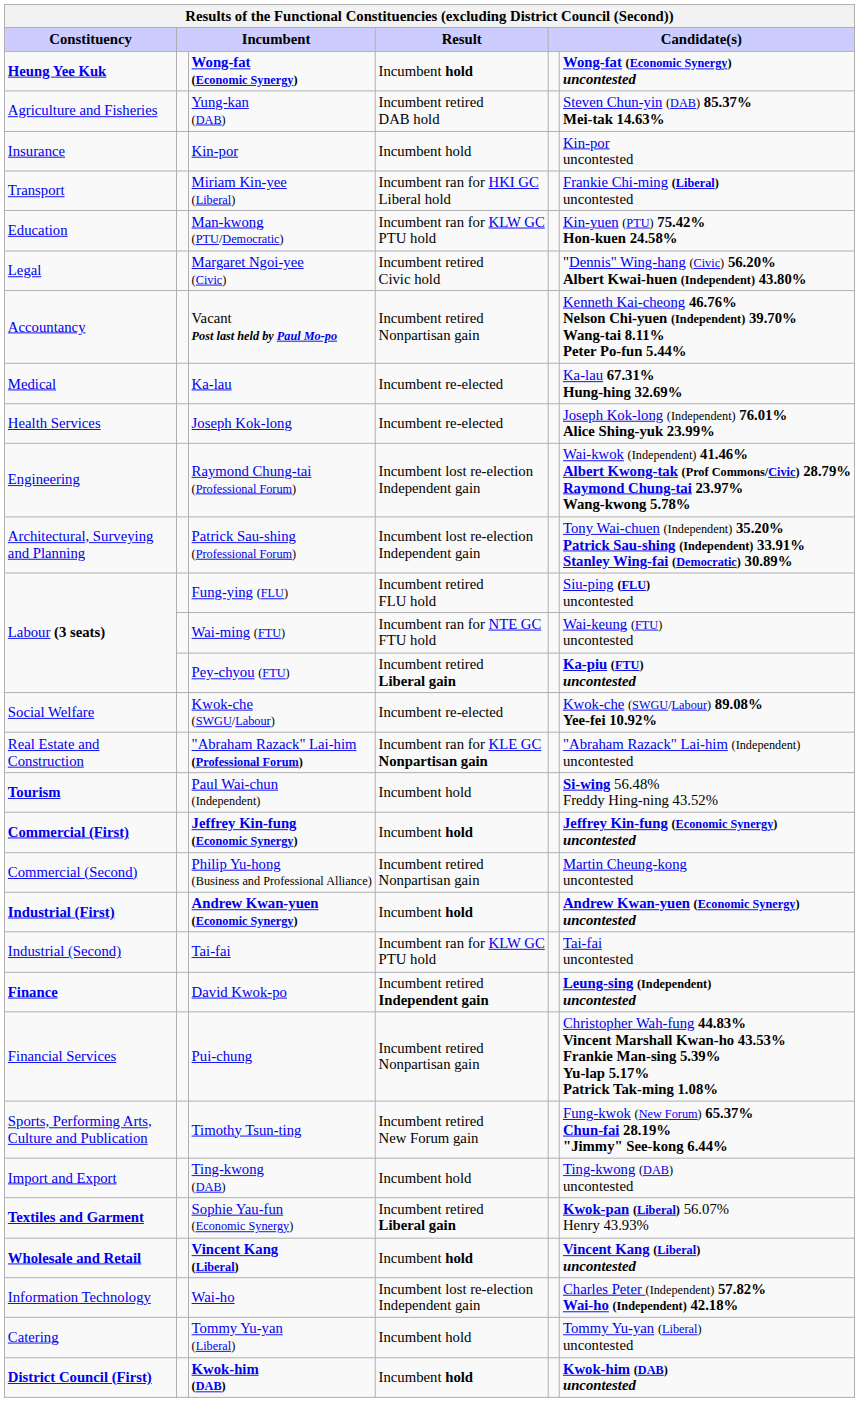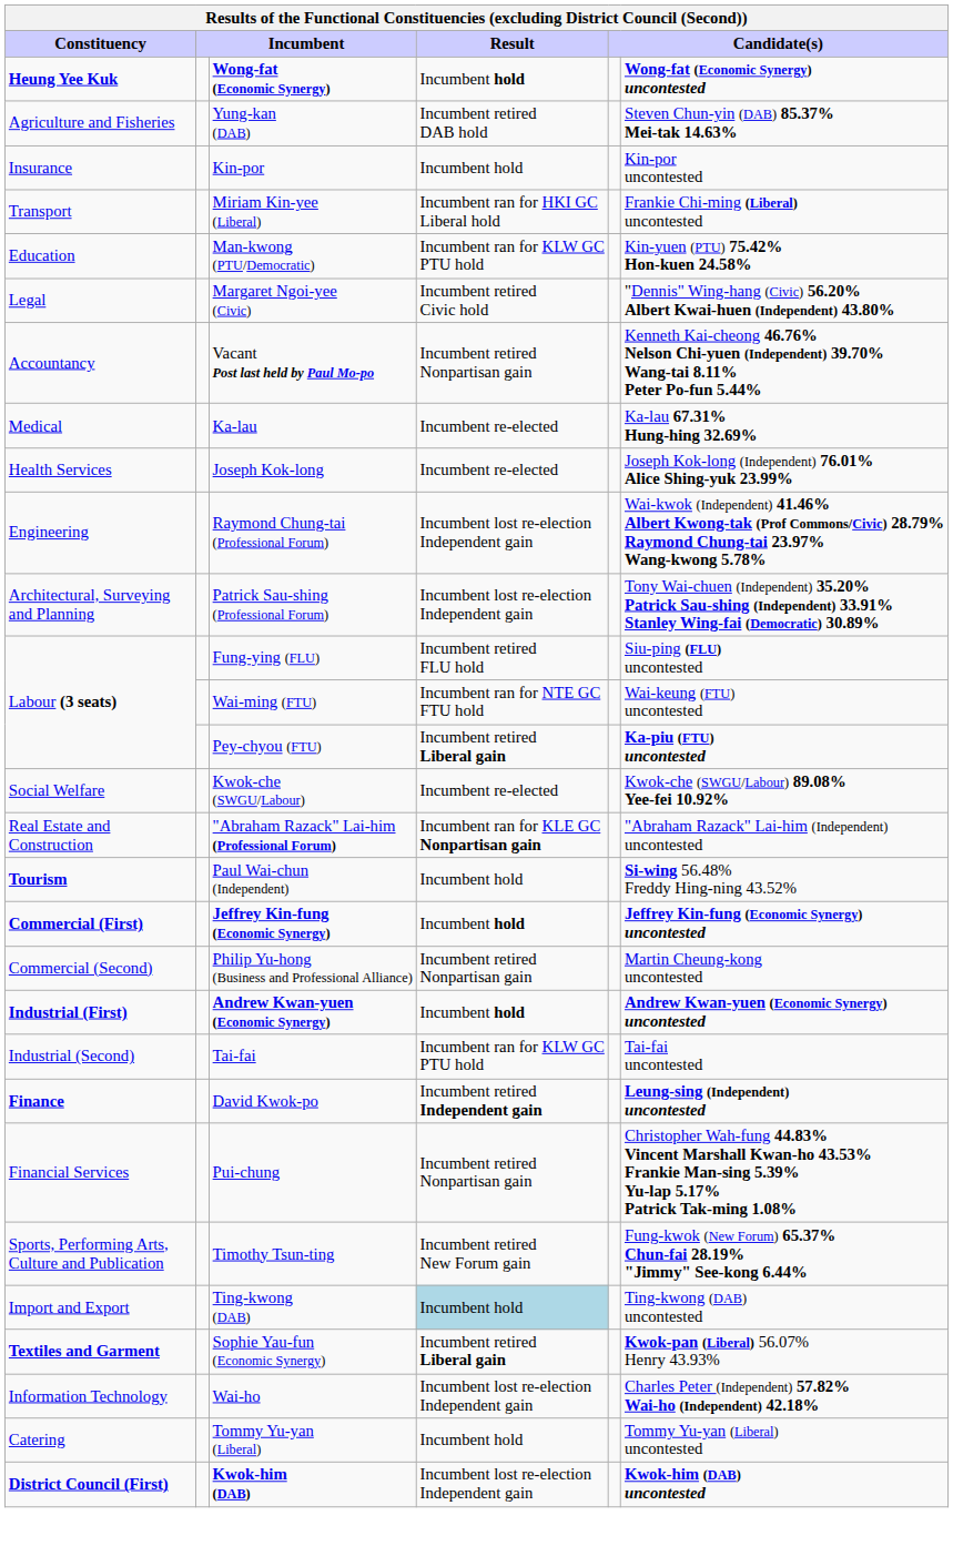 <table class="wikitable mw-collapsible">
 <tr>
 <th colspan=6>Results of the Functional Constituencies (excluding District Council (Second))</th>
 </tr>
 <tr style="text-align:center; background:#ccf; font-weight:bold; vertical-align:bottom;">
 <td width=180px>Constituency</td>
 <td colspan=2>Incumbent</td>
 <td>Result</td>
 <td colspan=2>Candidate(s)</td>
 </tr>
 <tr>
 <td><strong><a href='#'>Heung Yee Kuk</a></strong></td>
 <td width=5px style="background-color: "></td>
 <td><strong><a href='#'> Wong-fat</a><br><small>(<a href='#'>Economic Synergy</a>)</small></strong></td>
 <td>Incumbent <strong>hold</strong></td>
 <td width=5px style="background-color: "></td>
 <td><strong><a href='#'> Wong-fat</a> <small>(<a href='#'>Economic Synergy</a>)</small><br><em>uncontested<strong><em></td>
 </tr>
 <tr>
 <td></strong><a href='#'>Agriculture and Fisheries</a><strong></td>
 <td style="background-color:"></td>
 <td><a href='#'> Yung-kan</a><br><small>(<a href='#'>DAB</a>)</small></td>
 <td>Incumbent retired<br>DAB </strong>hold<strong></td>
 <td style="background-color:"></td>
 <td></strong><a href='#'>Steven  Chun-yin</a> <small>(<a href='#'>DAB</a>)</small><strong> 85.37%<br> Mei-tak 14.63%</td>
 </tr>
 <tr>
 <td></strong><a href='#'>Insurance</a><strong></td>
 <td style="background-color:"></td>
 <td></strong><a href='#'> Kin-por</a><strong></td>
 <td>Incumbent </strong>hold<strong></td>
 <td style="background-color:"></td>
 <td></strong><a href='#'> Kin-por</a><br></em>uncontested<em> <strong></td>
 </tr>
 <tr>
 <td></strong><a href='#'>Transport</a><strong></td>
 <td style="background-color:"></td>
 <td><a href='#'>Miriam  Kin-yee</a><br><small>(<a href='#'>Liberal</a>)</small></td>
 <td>Incumbent ran for <a href='#'>HKI GC</a><br>Liberal </strong>hold<strong></td>
 <td style="background-color:"></td>
 <td><a href='#'></strong>Frankie  Chi-ming<strong></a> <small>(<a href='#'>Liberal</a>)</small><br></em></strong>uncontested<strong><em></td>
 </tr>
 <tr>
 <td></strong><a href='#'>Education</a><strong></td>
 <td style="background-color:"></td>
 <td><a href='#'> Man-kwong</a><br><small>(<a href='#'>PTU</a>/<a href='#'>Democratic</a>)</small></td>
 <td>Incumbent ran for <a href='#'>KLW GC</a><br>PTU </strong>hold<strong></td>
 <td style="background-color:"></td>
 <td></strong><a href='#'> Kin-yuen</a> <small>(<a href='#'>PTU</a>)</small><strong> 75.42%<br> Hon-kuen 24.58%</td>
 </tr>
 <tr>
 <td></strong><a href='#'>Legal</a><strong></td>
 <td style="background-color:"></td>
 <td><a href='#'>Margaret  Ngoi-yee</a><br><small>(<a href='#'>Civic</a>)</small></td>
 <td>Incumbent retired<br>Civic </strong>hold<strong></td>
 <td style="background-color:"></td>
 <td></strong>"<a href='#'>Dennis"  Wing-hang</a> <small>(<a href='#'>Civic</a>)</small> <strong> 56.20%<br>Albert  Kwai-huen <small>(Independent)</small> 43.80%</td>
 </tr>
 <tr>
 <td></strong><a href='#'>Accountancy</a><strong></td>
 <td style="background-color:"></td>
 <td></em></strong>Vacant<strong><em><br><small>Post last held by <a href='#'>Paul  Mo-po</a></small></td>
 <td>Incumbent retired<br></strong>Nonpartisan gain<strong></td>
 <td style="background-color:"></td>
 <td></strong><a href='#'>Kenneth  Kai-cheong</a><strong> 46.76%<br>Nelson  Chi-yuen <small>(Independent)</small> 39.70%<br> Wang-tai 8.11%<br>Peter  Po-fun 5.44%</td>
 </tr>
 <tr>
 <td></strong><a href='#'>Medical</a><strong></td>
 <td style="background-color:"></td>
 <td><a href='#'> Ka-lau</a></td>
 <td>Incumbent re-elected</td>
 <td style="background-color:"></td>
 <td></strong><a href='#'> Ka-lau</a><strong> 67.31%<br> Hung-hing 32.69%</td>
 </tr>
 <tr>
 <td></strong><a href='#'>Health Services</a><strong></td>
 <td style="background-color:"></td>
 <td></strong><a href='#'>Joseph  Kok-long</a><strong></td>
 <td>Incumbent re-elected</td>
 <td style="background-color:"></td>
 <td></strong><a href='#'>Joseph  Kok-long</a> <small>(Independent)</small><strong> 76.01%<br>Alice  Shing-yuk 23.99%</td>
 </tr>
 <tr>
 <td></strong><a href='#'>Engineering</a><strong></td>
 <td style="background-color:"></td>
 <td><a href='#'>Raymond  Chung-tai</a><br><small>(<a href='#'>Professional Forum</a>)</small></td>
 <td>Incumbent lost re-election<br></strong>Independent gain<strong></td>
 <td style="background-color:"></td>
 <td></strong><a href='#'> Wai-kwok</a> <small>(Independent)</small><strong> 41.46%<br><a href='#'>Albert  Kwong-tak</a> <small>(Prof Commons/<a href='#'>Civic</a>)</small> 28.79%<br><a href='#'>Raymond  Chung-tai</a> 23.97%<br> Wang-kwong 5.78%</td>
 </tr>
 <tr>
 <td></strong><a href='#'>Architectural, Surveying and Planning</a><strong></td>
 <td style="background-color:"></td>
 <td><a href='#'>Patrick  Sau-shing</a><br><small>(<a href='#'>Professional Forum</a>)</small></td>
 <td>Incumbent lost re-election<br></strong>Independent gain<strong></td>
 <td style="background-color:"></td>
 <td></strong><a href='#'>Tony  Wai-chuen</a> <small>(Independent)</small><strong> 35.20%<br><a href='#'>Patrick  Sau-shing</a> <small>(Independent)</small> 33.91%<br><a href='#'>Stanley  Wing-fai</a> <small>(<a href='#'>Democratic</a>)</small> 30.89%</td>
 </tr>
 <tr>
 <td rowspan=3></strong><a href='#'>Labour</a><strong> (3 seats)</td>
 <td style="background-color:"></td>
 <td><a href='#'> Fung-ying</a> <small>(<a href='#'>FLU</a>)</small></td>
 <td>Incumbent retired<br> FLU </strong>hold<strong></td>
 <td style="background-color:"></td>
 <td><a href='#'></strong> Siu-ping<strong></a> <small>(<a href='#'>FLU</a>)</small><br></em></strong>uncontested<strong><em></td>
 </tr>
 <tr>
 <td style="background-color:"></td>
 <td><a href='#'> Wai-ming</a> <small>(<a href='#'>FTU</a>)</small></td>
 <td>Incumbent ran for <a href='#'>NTE GC</a><br>FTU </strong>hold<strong></td>
 <td style="background-color:"></td>
 <td></strong><a href='#'> Wai-keung</a> <small>(<a href='#'>FTU</a>)</small><br></em>uncontested</em></strong></td>
 </tr>
 <tr>
 <td style="background-color:"></td>
 <td><a href='#'> Pey-chyou</a> <small>(<a href='#'>FTU</a>)</small></td>
 <td>Incumbent retired<br><strong>Liberal gain</strong></td>
 <td style="background-color:"></td>
 <td><strong><a href='#'> Ka-piu</a> <small>(<a href='#'>FTU</a>)</small><br><em>uncontested<strong><em></td>
 </tr>
 <tr>
 <td></strong><a href='#'>Social Welfare</a><strong></td>
 <td style="background-color:"></td>
 <td><a href='#'> Kwok-che</a><br><small>(<a href='#'>SWGU</a>/<a href='#'>Labour</a>)</small></td>
 <td>Incumbent re-elected</td>
 <td style="background-color:"></td>
 <td></strong><a href='#'> Kwok-che</a> <small>(<a href='#'>SWGU</a>/<a href='#'>Labour</a>)</small><strong> 89.08%<br> Yee-fei 10.92%</td>
 </tr>
 <tr>
 <td></strong><a href='#'>Real Estate and Construction</a><strong></td>
 <td style="background-color:"></td>
 <td></strong><a href='#'>"Abraham Razack"  Lai-him</a><strong><br><small>(<a href='#'>Professional Forum</a>)</small></td>
 <td>Incumbent ran for <a href='#'>KLE GC</a><br><strong>Nonpartisan gain</strong></td>
 <td style="background-color:"></td>
 <td></strong><a href='#'>"Abraham Razack"  Lai-him</a> <small>(Independent)</small><br></em>uncontested</em></strong></td>
 </tr>
 <tr>
 <td><strong><a href='#'>Tourism</a></strong></td>
 <td style="background-color:"></td>
 <td><a href='#'>Paul  Wai-chun</a><br><small>(Independent)</small></td>
 <td>Incumbent </strong>hold<strong></td>
 <td style="background-color:"></td>
 <td><strong><a href='#'> Si-wing</a> </strong>56.48%<br>Freddy  Hing-ning 43.52%</td>
 </tr>
 <tr>
 <td><strong><a href='#'>Commercial (First)</a></strong></td>
 <td style="background-color:"></td>
 <td><strong><a href='#'>Jeffrey  Kin-fung</a><br><small>(<a href='#'>Economic Synergy</a>)</small></strong></td>
 <td>Incumbent <strong>hold</strong></td>
 <td style="background-color:"></td>
 <td><strong><a href='#'>Jeffrey  Kin-fung</a> <small>(<a href='#'>Economic Synergy</a>)</small><br><em>uncontested<strong><em></td>
 </tr>
 <tr>
 <td></strong><a href='#'>Commercial (Second)</a><strong></td>
 <td style="background-color:"></td>
 <td><a href='#'>Philip  Yu-hong</a><br><small>(Business and Professional Alliance)</small></td>
 <td>Incumbent retired<br></strong>Nonpartisan gain<strong></td>
 <td style="background-color:"></td>
 <td></strong><a href='#'>Martin  Cheung-kong</a><br></em>uncontested</em></strong></td>
 </tr>
 <tr>
 <td><strong><a href='#'>Industrial (First)</a></strong></td>
 <td style="background-color:"></td>
 <td><strong><a href='#'>Andrew  Kwan-yuen</a><br><small>(<a href='#'>Economic Synergy</a>)</small></strong></td>
 <td>Incumbent <strong>hold</strong></td>
 <td style="background-color:"></td>
 <td><strong><a href='#'>Andrew  Kwan-yuen</a> <small>(<a href='#'>Economic Synergy</a>)</small><br><em>uncontested<strong><em></td>
 </tr>
 <tr>
 <td></strong><a href='#'>Industrial (Second)</a><strong></td>
 <td style="background-color:"></td>
 <td></strong><a href='#'> Tai-fai</a><strong></td>
 <td>Incumbent ran for <a href='#'>KLW GC</a><br>PTU </strong>hold<strong></td>
 <td style="background-color:"></td>
 <td></strong><a href='#'> Tai-fai</a><br></em>uncontested</em></strong></td>
 </tr>
 <tr>
 <td><strong><a href='#'>Finance</a></strong></td>
 <td style="background-color:"></td>
 <td><a href='#'>David  Kwok-po</a></td>
 <td>Incumbent retired<br><strong>Independent gain</strong></td>
 <td style="background-color:"></td>
 <td><strong><a href='#'> Leung-sing</a> <small>(Independent)</small><br><em>uncontested<strong><em></td>
 </tr>
 <tr>
 <td></strong><a href='#'>Financial Services</a><strong></td>
 <td style="background-color:"></td>
 <td><a href='#'> Pui-chung</a></td>
 <td>Incumbent retired<br></strong>Nonpartisan gain<strong></td>
 <td style="background-color:"></td>
 <td></strong><a href='#'>Christopher  Wah-fung</a><strong> 44.83%<br>Vincent Marshall  Kwan-ho 43.53%<br>Frankie  Man-sing 5.39%<br> Yu-lap 5.17%<br>Patrick  Tak-ming 1.08%</td>
 </tr>
 <tr>
 <td></strong><a href='#'>Sports, Performing Arts, Culture and Publication</a><strong></td>
 <td style="background-color:"></td>
 <td><a href='#'>Timothy  Tsun-ting</a></td>
 <td>Incumbent retired<br></strong>New Forum gain<strong></td>
 <td style="background-color:"></td>
 <td></strong><a href='#'> Fung-kwok</a> <small>(<a href='#'>New Forum</a>)</small><strong> 65.37%<br><a href='#'> Chun-fai</a> 28.19%<br>"Jimmy"  See-kong 6.44%</td>
 </tr>
 <tr>
 <td></strong><a href='#'>Import and Export</a><strong></td>
 <td style="background-color:"></td>
 <td></strong><a href='#'> Ting-kwong</a><br><small>(<a href='#'>DAB</a>)</small><strong></td>
-<td>Incumbent </strong>hold<strong></td>
+<td style="background: lightblue;">Incumbent </strong>hold<strong></td>
 <td style="background-color:"></td>
 <td></strong><a href='#'> Ting-kwong</a> <small>(<a href='#'>DAB</a>)</small><br></em>uncontested</em></strong></td>
 </tr>
 <tr>
 <td><strong><a href='#'>Textiles and Garment</a></strong></td>
 <td style="background-color:"></td>
 <td><a href='#'>Sophie  Yau-fun</a><br><small>(<a href='#'>Economic Synergy</a>)</small></td>
 <td>Incumbent retired<br><strong>Liberal gain</strong></td>
 <td style="background-color:"></td>
 <td><strong><a href='#'> Kwok-pan</a> <small>(<a href='#'>Liberal</a>)</small></strong> 56.07%<br>Henry  43.93%</td>
-</tr>
-<tr>
-<td><strong><a href='#'>Wholesale and Retail</a></strong></td>
-<td style="background-color:"></td>
-<td><strong><a href='#'>Vincent  Kang</a><br><small>(<a href='#'>Liberal</a>)</small></strong></td>
-<td>Incumbent <strong>hold</strong></td>
-<td style="background-color:"></td>
-<td><strong><a href='#'>Vincent  Kang</a> <small>(<a href='#'>Liberal</a>)</small><br><em>uncontested<strong><em></td>
 </tr>
 <tr>
 <td></strong><a href='#'>Information Technology</a><strong></td>
 <td style="background-color:"></td>
 <td><a href='#'> Wai-ho</a></td>
 <td>Incumbent lost re-election<br></strong>Independent gain<strong></td>
 <td style="background-color:"></td>
 <td></strong><a href='#'>Charles Peter </a> <small>(Independent)</small><strong> 57.82%<br><a href='#'> Wai-ho</a> <small>(Independent)</small> 42.18%</td>
 </tr>
 <tr>
 <td></strong><a href='#'>Catering</a><strong></td>
 <td style="background-color:"></td>
 <td></strong><a href='#'>Tommy  Yu-yan</a><br><small>(<a href='#'>Liberal</a>)</small><strong></td>
 <td>Incumbent </strong>hold<strong></td>
 <td style="background-color:"></td>
 <td></strong><a href='#'>Tommy  Yu-yan</a> <small>(<a href='#'>Liberal</a>)</small><br></em>uncontested</em></strong></td>
 </tr>
 <tr>
 <td><strong><a href='#'>District Council (First)</a></strong></td>
 <td style="background-color:"></td>
 <td><strong><a href='#'> Kwok-him</a><br><small>(<a href='#'>DAB</a>)</small></strong></td>
-<td>Incumbent <strong>hold</strong></td>
+<td>Incumbent lost re-election<br></strong>Independent gain<strong></td>
 <td style="background-color:"></td>
 <td><strong><a href='#'> Kwok-him</a> <small>(<a href='#'>DAB</a>)</small><br><em>uncontested<strong><em></td>
 </tr>
 </table>
